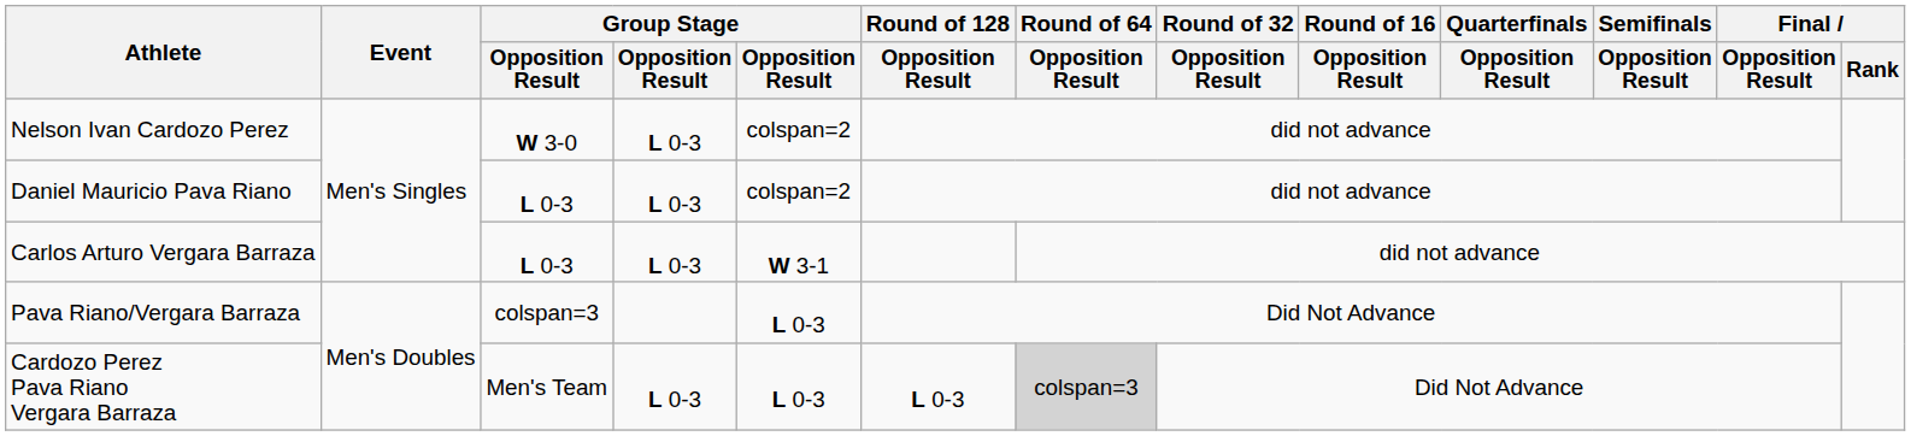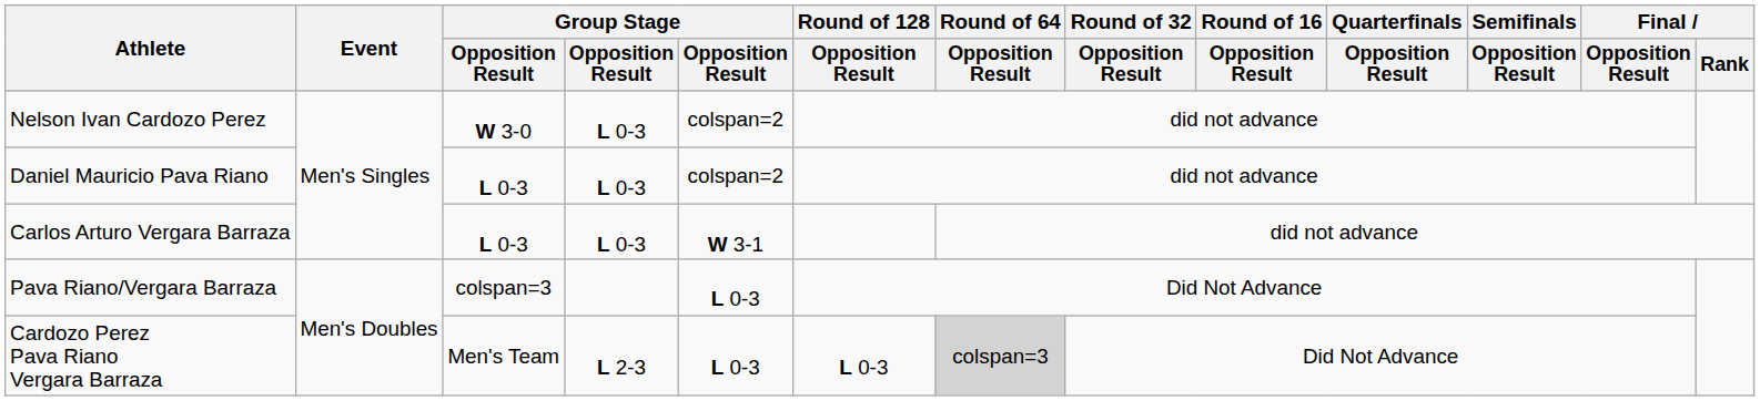 <table class="wikitable" style="font-size:90%;">
 <tr>
 <th rowspan=2>Athlete</th>
 <th rowspan=2>Event</th>
 <th colspan=3>Group Stage</th>
 <th>Round of 128</th>
 <th>Round of 64</th>
 <th>Round of 32</th>
 <th>Round of 16</th>
 <th>Quarterfinals</th>
 <th>Semifinals</th>
 <th colspan=2>Final / </th>
 </tr>
 <tr style="font-size:95%">
 <th>Opposition<br>Result</th>
 <th>Opposition<br>Result</th>
 <th>Opposition<br>Result</th>
 <th>Opposition<br>Result</th>
 <th>Opposition<br>Result</th>
 <th>Opposition<br>Result</th>
 <th>Opposition<br>Result</th>
 <th>Opposition<br>Result</th>
 <th>Opposition<br>Result</th>
 <th>Opposition<br>Result</th>
 <th>Rank</th>
 </tr>
 <tr align=center>
 <td align=left>Nelson Ivan Cardozo Perez</td>
 <td align=left rowspan=3>Men's Singles</td>
 <td><br><strong>W</strong> 3-0</td>
 <td><br><strong>L</strong> 0-3</td>
 <td>colspan=2 </td>
 <td colspan=7>did not advance</td>
 </tr>
 <tr align=center>
 <td align=left>Daniel Mauricio Pava Riano</td>
 <td><br><strong>L</strong> 0-3</td>
 <td><br><strong>L</strong> 0-3</td>
 <td>colspan=2 </td>
 <td colspan=7>did not advance</td>
 </tr>
 <tr align=center>
 <td align=left>Carlos Arturo Vergara Barraza</td>
 <td><br><strong>L</strong> 0-3</td>
 <td><br><strong>L</strong> 0-3</td>
 <td><br><strong>W</strong> 3-1</td>
 <td></td>
 <td colspan=7>did not advance</td>
 </tr>
 <tr align=center>
 <td align=left>Pava Riano/Vergara Barraza</td>
 <td align=left rowspan=2>Men's Doubles</td>
 <td>colspan=3 </td>
 <td></td>
 <td><br><strong>L</strong> 0-3</td>
 <td colspan=7>Did Not Advance</td>
 </tr>
 <tr align=center>
 <td align=left>Cardozo Perez<br>Pava Riano<br>Vergara Barraza</td>
 <td align=left>Men's Team</td>
-<td><br><strong>L</strong> 0-3</td>
+<td><br><strong>L</strong> 2-3</td>
 <td><br><strong>L</strong> 0-3</td>
 <td><br><strong>L</strong> 0-3</td>
 <td style="background: lightgrey;">colspan=3 </td>
 <td colspan=5>Did Not Advance</td>
 </tr>
 </table>
